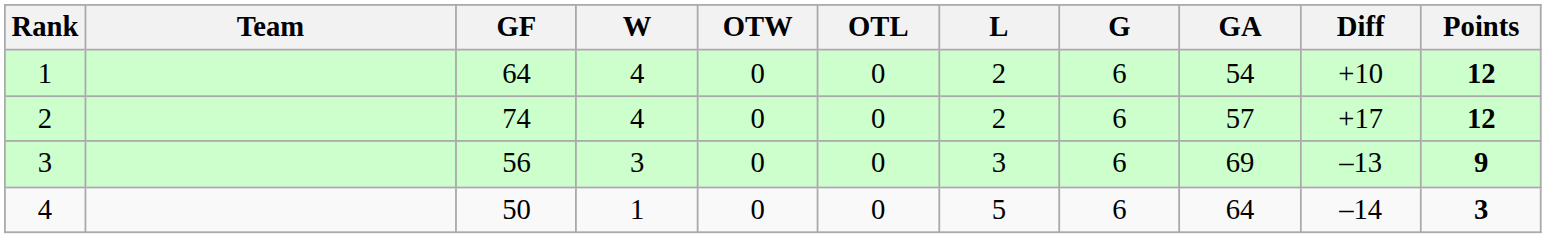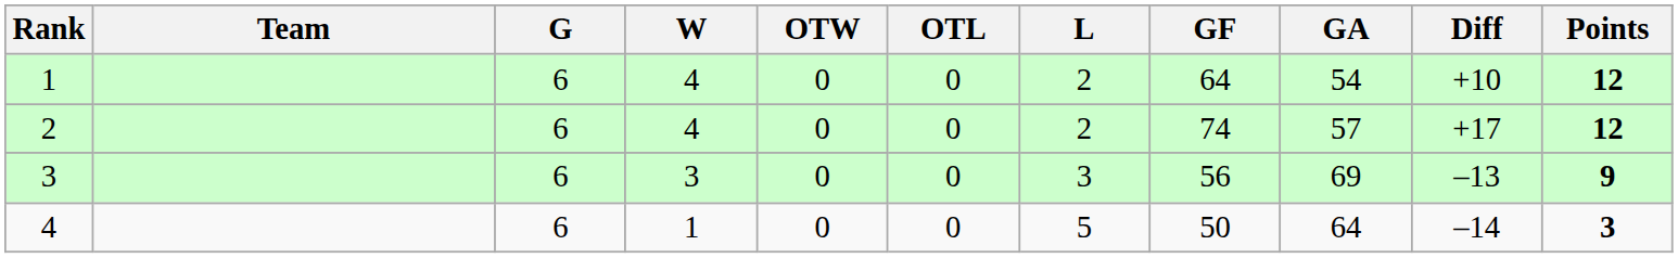 <table class=wikitable style="text-align:center">
 <tr>
 <th width="25">Rank</th>
 <th width="200">Team</th>
-<th width="60">GF</th>
+<th width="60">G</th>
 <th width="60">W</th>
 <th width="60">OTW</th>
 <th width="60">OTL</th>
 <th width="60">L</th>
-<th width="60">G</th>
+<th width="60">GF</th>
 <th width="60">GA</th>
 <th width="60">Diff</th>
 <th width="60">Points</th>
 </tr>
 <tr bgcolor=#CCFFCC>
 <td>1</td>
 <td align=left></td>
-<td>64</td>
+<td>6</td>
 <td>4</td>
 <td>0</td>
 <td>0</td>
 <td>2</td>
-<td>6</td>
+<td>64</td>
 <td>54</td>
 <td>+10</td>
 <td><strong>12</strong></td>
 </tr>
 <tr bgcolor=#CCFFCC>
 <td>2</td>
 <td align=left></td>
-<td>74</td>
+<td>6</td>
 <td>4</td>
 <td>0</td>
 <td>0</td>
 <td>2</td>
-<td>6</td>
+<td>74</td>
 <td>57</td>
 <td>+17</td>
 <td><strong>12</strong></td>
 </tr>
 <tr bgcolor=#CCFFCC>
 <td>3</td>
 <td align=left></td>
-<td>56</td>
+<td>6</td>
 <td>3</td>
 <td>0</td>
 <td>0</td>
 <td>3</td>
-<td>6</td>
+<td>56</td>
 <td>69</td>
 <td>–13</td>
 <td><strong>9</strong></td>
 </tr>
 <tr>
 <td>4</td>
 <td align=left></td>
-<td>50</td>
+<td>6</td>
 <td>1</td>
 <td>0</td>
 <td>0</td>
 <td>5</td>
-<td>6</td>
+<td>50</td>
 <td>64</td>
 <td>–14</td>
 <td><strong>3</strong></td>
 </tr>
 </table>
